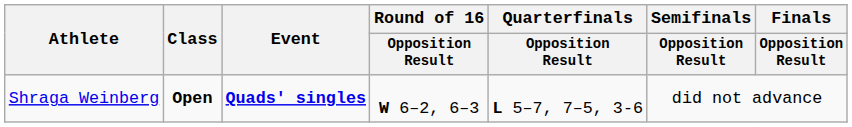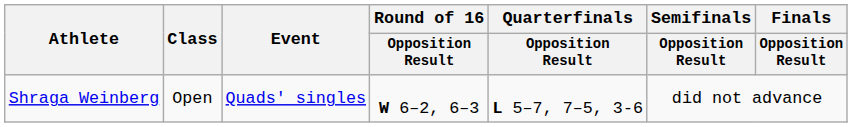 <table class=wikitable style="font-size:90%">
 <tr>
 <th rowspan="2">Athlete</th>
 <th rowspan="2">Class</th>
 <th rowspan="2">Event</th>
 <th>Round of 16</th>
 <th>Quarterfinals</th>
 <th>Semifinals</th>
 <th>Finals</th>
 </tr>
 <tr>
 <th style="line-height:1em"><small>Opposition<br>Result</small></th>
 <th style="line-height:1em"><small>Opposition<br>Result</small></th>
 <th style="line-height:1em"><small>Opposition<br>Result</small></th>
 <th style="line-height:1em"><small>Opposition<br>Result</small></th>
 </tr>
 <tr>
 <td><a href='#'>Shraga Weinberg</a></td>
-<td style="text-align:center;"><strong>Open</strong></td>
-<td><strong><a href='#'>Quads' singles</a></strong></td>
+<td style="text-align:center;">Open</td>
+<td><a href='#'>Quads' singles</a></td>
 <td style="text-align:center;"><br><strong>W</strong> 6–2, 6–3</td>
 <td style="text-align:center;"><br><strong>L</strong> 5–7, 7–5, 3-6</td>
 <td style="text-align:center;" colspan="2">did not advance</td>
 </tr>
 </table>
